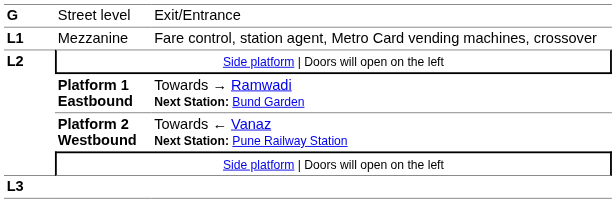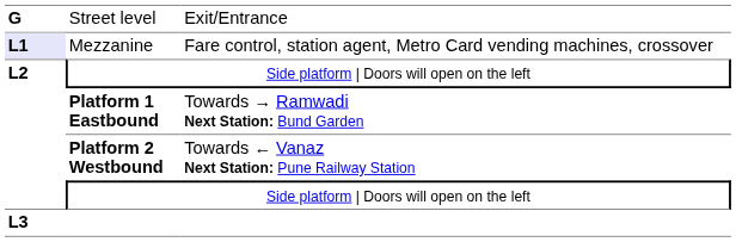 <table table border=0 cellspacing=0 cellpadding=3>
 <tr>
 <td style="border-bottom:solid 1px grey;border-top:solid 1px grey;" width=50 valign=top><strong>G</strong></td>
 <td style="border-top:solid 1px grey;border-bottom:solid 1px grey;" width=100 valign=top>Street level</td>
 <td style="border-top:solid 1px grey;border-bottom:solid 1px grey;" width=500 valign=top>Exit/Entrance</td>
 </tr>
 <tr>
-<td valign=top><strong>L1</strong></td>
+<td valign=top style="background: lavender;"><strong>L1</strong></td>
 <td valign=top>Mezzanine</td>
 <td valign=top>Fare control, station agent, Metro Card vending machines, crossover<br></td>
 </tr>
 <tr>
 <td style="border-top:solid 1px grey;border-bottom:solid 1px grey;" width=50 rowspan=4 valign=top><strong>L2</strong></td>
 <td style="border-top:solid 1px grey;border-right:solid 2px black;border-left:solid 2px black;border-bottom:solid 2px black;text-align:center;" colspan=2><small><a href='#'>Side platform</a> | Doors will open on the left </small></td>
 </tr>
 <tr>
 <td style="border-bottom:solid 1px grey;" width=100><span><strong>Platform 1</strong><br><strong>Eastbound</strong></span></td>
 <td style="border-bottom:solid 1px grey;" width=500>Towards → <a href='#'>Ramwadi</a><br><small><strong>Next Station:</strong> <a href='#'>Bund Garden</a></small></td>
 </tr>
 <tr>
 <td><span><strong>Platform 2</strong><br><strong>Westbound</strong></span></td>
 <td>Towards ← <a href='#'>Vanaz</a><br><small><strong>Next Station:</strong> <a href='#'>Pune Railway Station</a></small></td>
 </tr>
 <tr>
 <td style="border-top:solid 2px black;border-right:solid 2px black;border-left:solid 2px black;border-bottom:solid 1px grey;" colspan=2  align=center><small><a href='#'>Side platform</a> | Doors will open on the left </small></td>
 </tr>
 <tr>
 <td style="border-bottom:solid 1px grey;" width=50 rowspan=2 valign=top><strong>L3</strong></td>
 <td style="border-bottom:solid 1px grey;" width=100></td>
 <td style="border-bottom:solid 1px grey;" width=500></td>
 </tr>
 <tr>
 </tr>
 </table>
